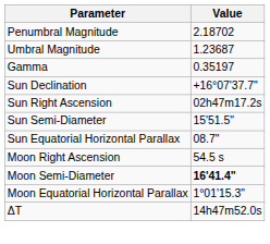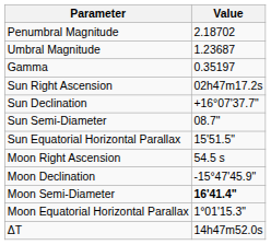 <table class="wikitable">
 <tr>
 <th>Parameter</th>
 <th>Value</th>
 </tr>
 <tr>
 <td>Penumbral Magnitude</td>
 <td>2.18702</td>
 </tr>
 <tr>
 <td>Umbral Magnitude</td>
 <td>1.23687</td>
 </tr>
 <tr>
 <td>Gamma</td>
 <td>0.35197</td>
 </tr>
 <tr>
+<td>Sun Right Ascension</td>
+<td>02h47m17.2s</td>
+</tr>
+<tr>
 <td>Sun Declination</td>
 <td>+16°07'37.7"</td>
 </tr>
 <tr>
-<td>Sun Right Ascension</td>
-<td>02h47m17.2s</td>
-</tr>
-<tr>
 <td>Sun Semi-Diameter</td>
-<td>15'51.5"</td>
+<td>08.7"</td>
 </tr>
 <tr>
 <td>Sun Equatorial Horizontal Parallax</td>
-<td>08.7"</td>
+<td>15'51.5"</td>
 </tr>
 <tr>
 <td>Moon Right Ascension</td>
 <td>54.5 s</td>
+</tr>
+<tr>
+<td>Moon Declination</td>
+<td>-15°47'45.9"</td>
 </tr>
 <tr>
 <td>Moon Semi-Diameter</td>
 <td><strong>16'41.4"</strong></td>
 </tr>
 <tr>
 <td>Moon Equatorial Horizontal Parallax</td>
 <td>1°01'15.3"</td>
 </tr>
 <tr>
 <td>ΔT</td>
 <td>14h47m52.0s</td>
 </tr>
 </table>
